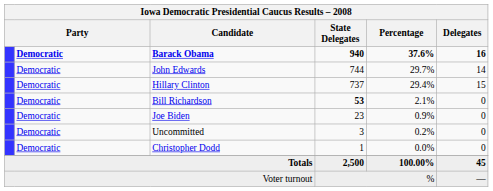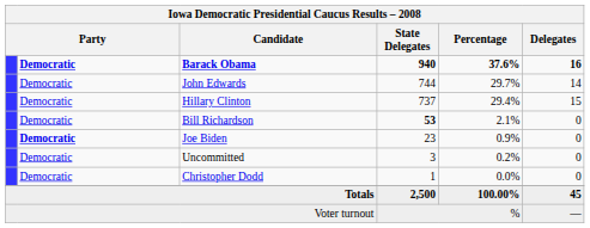 <table class="wikitable" style="font-size: 95%;">
 <tr>
 <th colspan="7">Iowa Democratic Presidential Caucus Results – 2008</th>
 </tr>
 <tr>
 <th colspan="2" style="width: 15em">Party</th>
 <th style="width: 17em">Candidate</th>
 <th style="width: 5em">State Delegates</th>
 <th style="width: 7em">Percentage</th>
 <th style="width: 5em">Delegates</th>
 </tr>
 <tr>
 <th style="background-color:#3333FF; width: 3px"></th>
 <td style="width: 130px"><strong><a href='#'>Democratic</a></strong></td>
 <td><strong><a href='#'>Barack Obama</a></strong></td>
 <td align="right"><strong>940</strong></td>
 <td align="right"><strong>37.6%</strong></td>
 <td align="right"><strong>16</strong></td>
 </tr>
 <tr>
 <th style="background-color:#3333FF; width: 3px"></th>
 <td style="width: 130px"><a href='#'>Democratic</a></td>
 <td><a href='#'>John Edwards</a></td>
 <td align="right">744</td>
 <td align="right">29.7%</td>
 <td align="right">14</td>
 </tr>
 <tr>
 <th style="background-color:#3333FF; width: 3px"></th>
 <td style="width: 130px"><a href='#'>Democratic</a></td>
 <td><a href='#'>Hillary Clinton</a></td>
 <td align="right">737</td>
 <td align="right">29.4%</td>
 <td align="right">15</td>
 </tr>
 <tr>
 <th style="background-color:#3333FF; width: 3px"></th>
 <td style="width: 130px"><a href='#'>Democratic</a></td>
 <td><a href='#'>Bill Richardson</a></td>
 <td align="right"><strong>53</strong></td>
 <td align="right">2.1%</td>
 <td align="right">0</td>
 </tr>
 <tr>
 <th style="background-color:#3333FF; width: 3px"></th>
-<td style="width: 130px"><a href='#'>Democratic</a></td>
+<td style="width: 130px"><strong><a href='#'>Democratic</a></strong></td>
 <td><a href='#'>Joe Biden</a></td>
 <td align="right">23</td>
 <td align="right">0.9%</td>
 <td align="right">0</td>
 </tr>
 <tr>
 <th style="background-color:#3333FF; width: 3px"></th>
 <td style="width: 130px"><a href='#'>Democratic</a></td>
 <td>Uncommitted</td>
 <td align="right">3</td>
 <td align="right">0.2%</td>
 <td align="right">0</td>
 </tr>
 <tr>
 <th style="background-color:#3333FF; width: 3px"></th>
 <td style="width: 130px"><a href='#'>Democratic</a></td>
 <td><a href='#'>Christopher Dodd</a></td>
 <td align="right">1</td>
 <td align="right">0.0%</td>
 <td align="right">0</td>
 </tr>
 <tr>
 </tr>
 <tr bgcolor="#EEEEEE">
 <td colspan="3" align="right"><strong>Totals</strong></td>
 <td align="right"><strong>2,500</strong></td>
 <td align="right"><strong>100.00%</strong></td>
 <td align="right"><strong>45</strong></td>
 </tr>
 <tr bgcolor="#EEEEEE">
 <td colspan="3" align="right">Voter turnout</td>
 <td colspan="2" align="right">%</td>
 <td align="right">—</td>
 </tr>
 </table>
